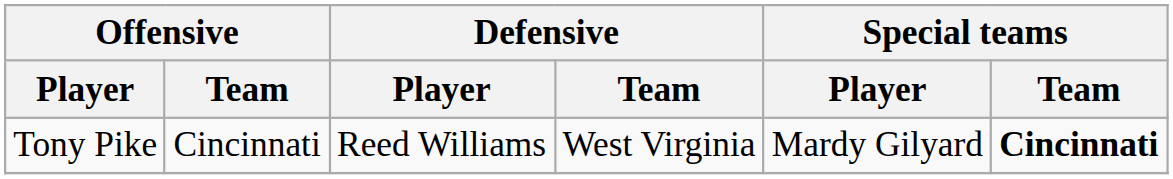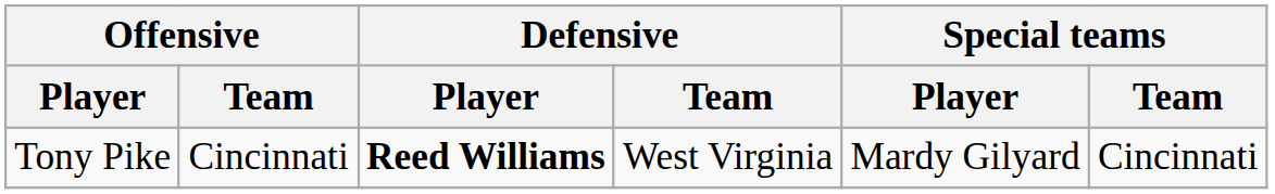 <table class="wikitable" border="1">
 <tr>
 <th colspan="2">Offensive</th>
 <th colspan="2">Defensive</th>
 <th colspan="2">Special teams</th>
 </tr>
 <tr>
 <th>Player</th>
 <th>Team</th>
 <th>Player</th>
 <th>Team</th>
 <th>Player</th>
 <th>Team</th>
 </tr>
 <tr>
 <td>Tony Pike</td>
 <td>Cincinnati</td>
-<td>Reed Williams</td>
+<td><strong>Reed Williams</strong></td>
 <td>West Virginia</td>
 <td>Mardy Gilyard</td>
-<td><strong>Cincinnati</strong></td>
+<td>Cincinnati</td>
 </tr>
 <tr>
 </tr>
 </table>
